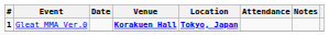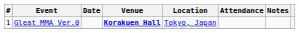 <table id="Other events"  class="sortable wikitable succession-box" style="font-size:90%;">
 <tr>
 <th scope="col">#</th>
 <th scope="col">Event</th>
 <th scope="col">Date</th>
 <th scope="col">Venue</th>
 <th scope="col">Location</th>
 <th scope="col">Attendance</th>
 <th scope="col">Notes</th>
 <th scope="col" class=unsortable></th>
 </tr>
 <tr>
-<td><strong>1</strong></td>
+<td>1</td>
 <td><a href='#'>Gleat MMA Ver.0</a></td>
 <td></td>
 <td><strong><a href='#'>Korakuen Hall</a></strong></td>
-<td><strong><a href='#'>Tokyo, Japan</a></strong></td>
+<td><a href='#'>Tokyo, Japan</a></td>
 <td></td>
 <td></td>
 <td></td>
 </tr>
 <tr>
 </tr>
 </table>
